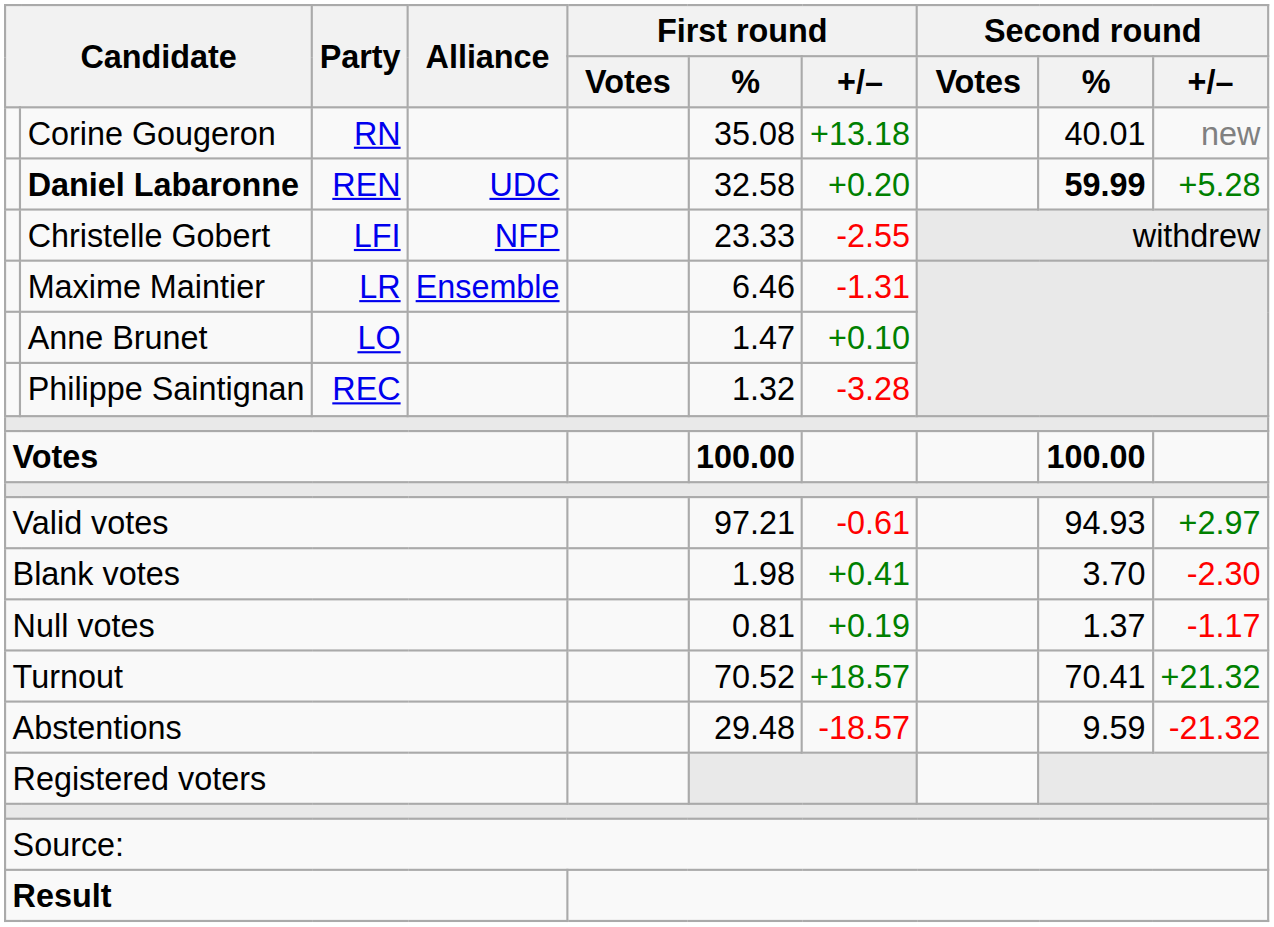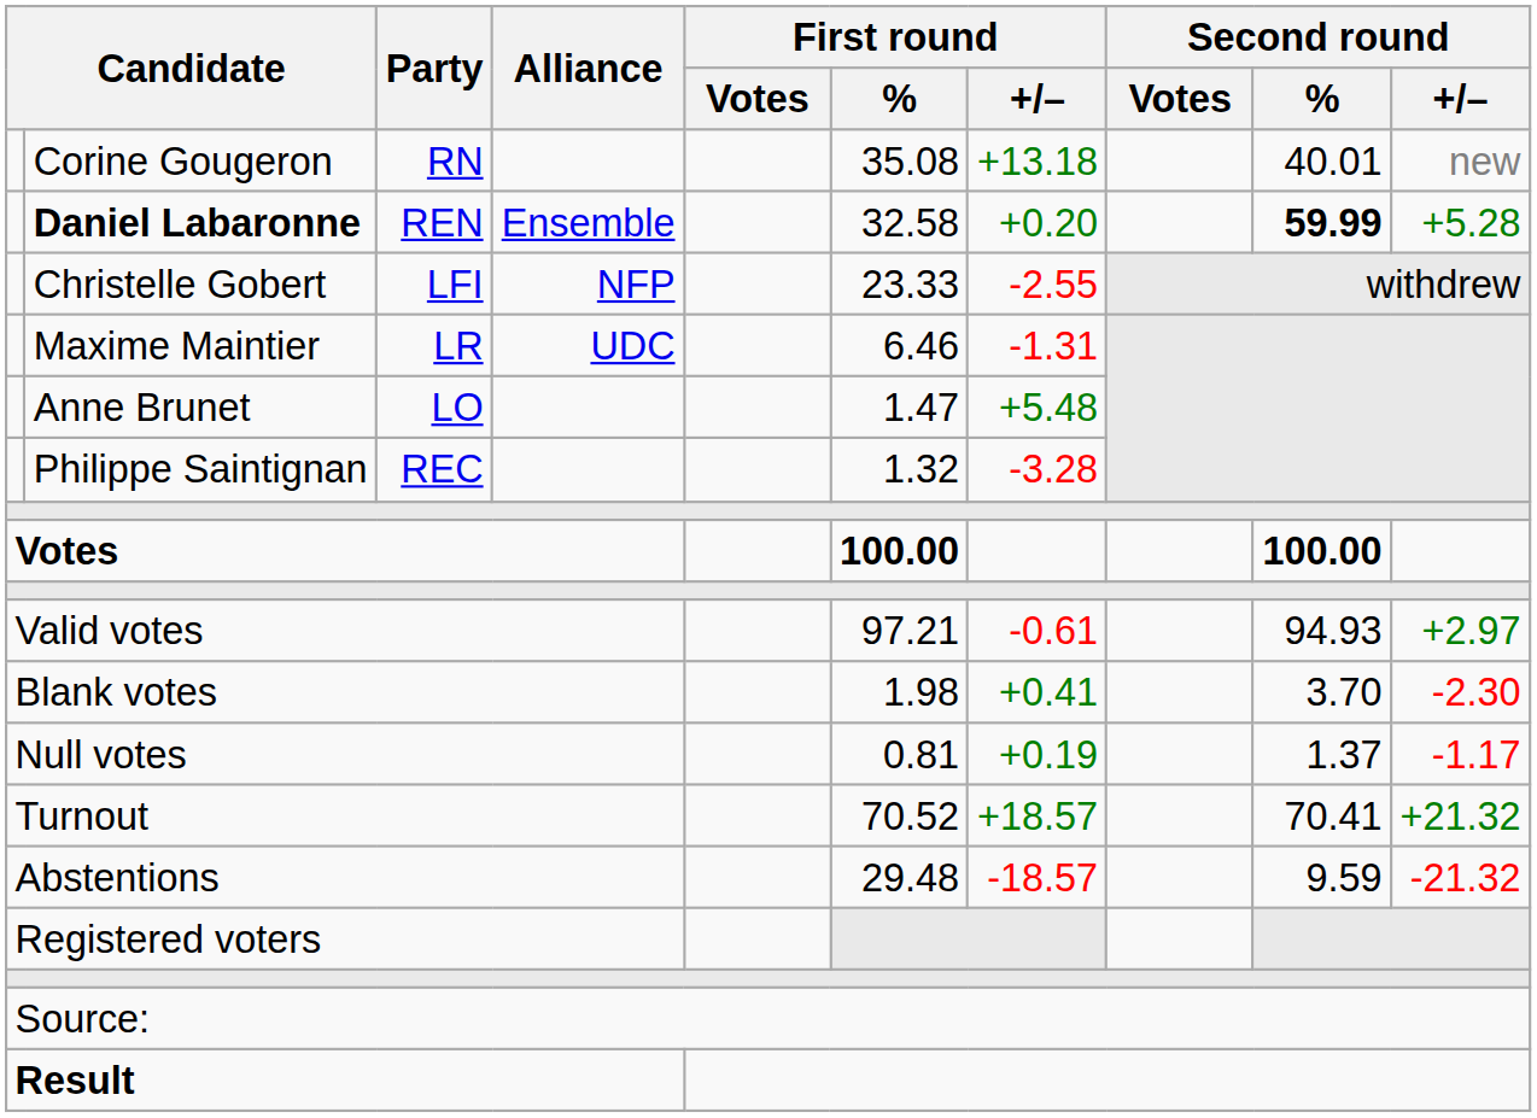 <table class="wikitable" style="text-align:right;font-size:95%;">
 <tr>
 <th rowspan="2" colspan="2">Candidate</th>
 <th colspan="1" rowspan="2">Party</th>
 <th colspan="1" rowspan="2">Alliance</th>
 <th colspan="3">First round</th>
 <th colspan="3">Second round</th>
 </tr>
 <tr>
 <th style="width:50px;">Votes</th>
 <th style="width:45px;">%</th>
 <th style="width:45px;">+/–</th>
 <th style="width:50px;">Votes</th>
 <th style="width:45px;">%</th>
 <th style="width:45px;">+/–</th>
 </tr>
 <tr>
 <td style="color:inherit;background:"></td>
 <td style="text-align:left;">Corine Gougeron</td>
 <td><a href='#'>RN</a></td>
 <td></td>
 <td></td>
 <td>35.08</td>
 <td style="color:green;">+13.18</td>
 <td></td>
 <td>40.01</td>
 <td style="color:grey;">new</td>
 </tr>
 <tr>
 <td style="color:inherit;background:"></td>
 <td style="text-align:left;"><strong>Daniel Labaronne</strong></td>
 <td><a href='#'>REN</a></td>
-<td><a href='#'>UDC</a></td>
+<td><a href='#'>Ensemble</a></td>
 <td></td>
 <td>32.58</td>
 <td style="color:green;">+0.20</td>
 <td><strong></strong></td>
 <td><strong>59.99</strong></td>
 <td style="color:green;">+5.28</td>
 </tr>
 <tr>
 <td style="color:inherit;background:"></td>
 <td style="text-align:left;">Christelle Gobert</td>
 <td><a href='#'>LFI</a></td>
 <td><a href='#'>NFP</a></td>
 <td></td>
 <td>23.33</td>
 <td style="color:red;">-2.55</td>
 <td colspan="3" style="background:#E9E9E9;">withdrew</td>
 </tr>
 <tr>
 <td style="color:inherit;background:"></td>
 <td style="text-align:left;">Maxime Maintier</td>
 <td><a href='#'>LR</a></td>
-<td><a href='#'>Ensemble</a></td>
+<td><a href='#'>UDC</a></td>
 <td></td>
 <td>6.46</td>
 <td style="color:red;">-1.31</td>
 <td colspan="3" rowspan="3" style="background:#E9E9E9;"></td>
 </tr>
 <tr>
 <td style="color:inherit;background:"></td>
 <td style="text-align:left;">Anne Brunet</td>
 <td><a href='#'>LO</a></td>
 <td></td>
 <td></td>
 <td>1.47</td>
-<td style="color:green;">+0.10</td>
+<td style="color:green;">+5.48</td>
 </tr>
 <tr>
 <td style="color:inherit;background:"></td>
 <td style="text-align:left;">Philippe Saintignan</td>
 <td><a href='#'>REC</a></td>
 <td></td>
 <td></td>
 <td>1.32</td>
 <td style="color:red;">-3.28</td>
 </tr>
 <tr>
 <td colspan="10" style="background:#E9E9E9;"></td>
 </tr>
 <tr style="font-weight:bold;">
 <td colspan="4" style="text-align:left;">Votes</td>
 <td></td>
 <td>100.00</td>
 <td></td>
 <td></td>
 <td>100.00</td>
 <td></td>
 </tr>
 <tr>
 <td colspan="10" style="background:#E9E9E9;"></td>
 </tr>
 <tr>
 <td colspan="4" style="text-align:left;">Valid votes</td>
 <td></td>
 <td>97.21</td>
 <td style="color:red;">-0.61</td>
 <td></td>
 <td>94.93</td>
 <td style="color:green;">+2.97</td>
 </tr>
 <tr>
 <td colspan="4" style="text-align:left;">Blank votes</td>
 <td></td>
 <td>1.98</td>
 <td style="color:green;">+0.41</td>
 <td></td>
 <td>3.70</td>
 <td style="color:red;">-2.30</td>
 </tr>
 <tr>
 <td colspan="4" style="text-align:left;">Null votes</td>
 <td></td>
 <td>0.81</td>
 <td style="color:green;">+0.19</td>
 <td></td>
 <td>1.37</td>
 <td style="color:red;">-1.17</td>
 </tr>
 <tr>
 <td colspan="4" style="text-align:left;">Turnout</td>
 <td></td>
 <td>70.52</td>
 <td style="color:green;">+18.57</td>
 <td></td>
 <td>70.41</td>
 <td style="color:green;">+21.32</td>
 </tr>
 <tr>
 <td colspan="4" style="text-align:left;">Abstentions</td>
 <td></td>
 <td>29.48</td>
 <td style="color:red;">-18.57</td>
 <td></td>
 <td>9.59</td>
 <td style="color:red;">-21.32</td>
 </tr>
 <tr>
 <td colspan="4" style="text-align:left;">Registered voters</td>
 <td></td>
 <td colspan="2" style="background:#E9E9E9;"></td>
 <td></td>
 <td colspan="2" style="background:#E9E9E9;"></td>
 </tr>
 <tr>
 <td colspan="10" style="background:#E9E9E9;"></td>
 </tr>
 <tr>
 <td colspan="10" style="text-align:left;">Source: </td>
 </tr>
 <tr style="font-weight:bold">
 <td colspan="4" style="text-align:left;">Result</td>
 <td colspan="6" style="background-color:"></td>
 </tr>
 </table>
